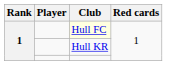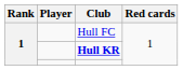 <table class="wikitable sortable" style="text-align:center">
 <tr>
 <th>Rank</th>
 <th>Player</th>
 <th>Club</th>
 <th> Red cards</th>
 </tr>
 <tr>
 <th Rowspan =3>1</th>
 <td align="left"></td>
-<td align="left" style="background: lightyellow;"> <a href='#'>Hull FC</a></td>
+<td align="left"> <a href='#'>Hull FC</a></td>
 <td Rowspan=3>1</td>
 </tr>
 <tr>
 <td align="left"></td>
-<td align="left"> <a href='#'>Hull KR</a></td>
+<td align="left"><strong> <a href='#'>Hull KR</a></strong></td>
 </tr>
 <tr>
 <td align="left"></td>
 <td align="left"></td>
 </tr>
 </table>
